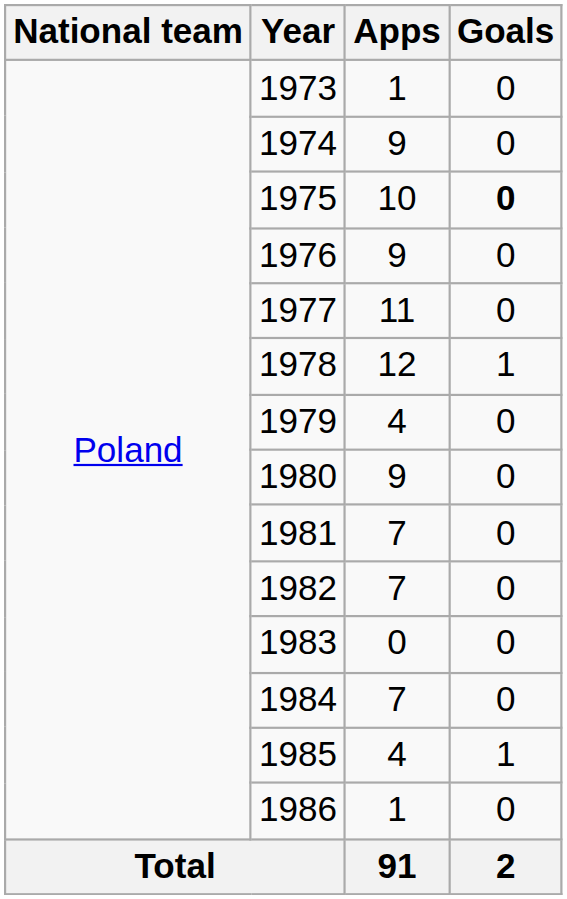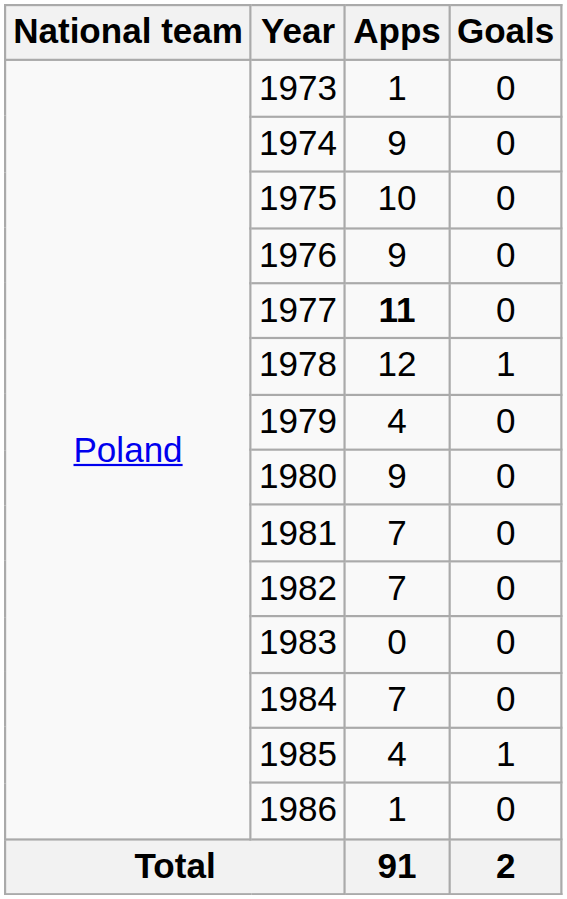 <table class="wikitable" style="text-align:center">
 <tr>
 <th>National team</th>
 <th>Year</th>
 <th>Apps</th>
 <th>Goals</th>
 </tr>
 <tr>
 <td rowspan="14"><a href='#'>Poland</a></td>
 <td>1973</td>
 <td>1</td>
 <td>0</td>
 </tr>
 <tr>
 <td>1974</td>
 <td>9</td>
 <td>0</td>
 </tr>
 <tr>
 <td>1975</td>
 <td>10</td>
-<td><strong>0</strong></td>
+<td>0</td>
 </tr>
 <tr>
 <td>1976</td>
 <td>9</td>
 <td>0</td>
 </tr>
 <tr>
 <td>1977</td>
-<td>11</td>
+<td><strong>11</strong></td>
 <td>0</td>
 </tr>
 <tr>
 <td>1978</td>
 <td>12</td>
 <td>1</td>
 </tr>
 <tr>
 <td>1979</td>
 <td>4</td>
 <td>0</td>
 </tr>
 <tr>
 <td>1980</td>
 <td>9</td>
 <td>0</td>
 </tr>
 <tr>
 <td>1981</td>
 <td>7</td>
 <td>0</td>
 </tr>
 <tr>
 <td>1982</td>
 <td>7</td>
 <td>0</td>
 </tr>
 <tr>
 <td>1983</td>
 <td>0</td>
 <td>0</td>
 </tr>
 <tr>
 <td>1984</td>
 <td>7</td>
 <td>0</td>
 </tr>
 <tr>
 <td>1985</td>
 <td>4</td>
 <td>1</td>
 </tr>
 <tr>
 <td>1986</td>
 <td>1</td>
 <td>0</td>
 </tr>
 <tr>
 <th colspan="2">Total</th>
 <th>91</th>
 <th>2</th>
 </tr>
 </table>
